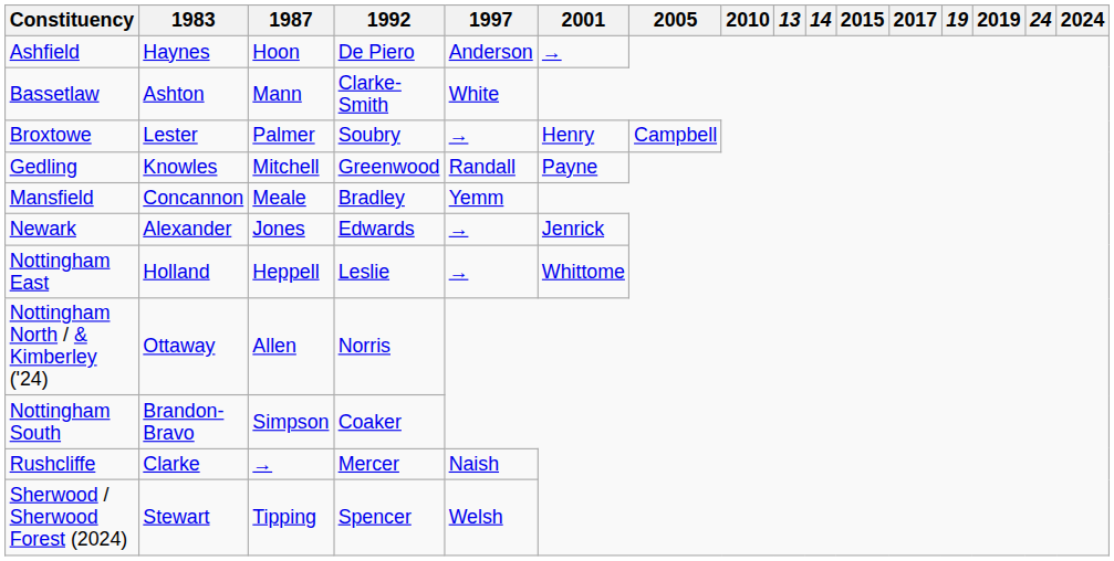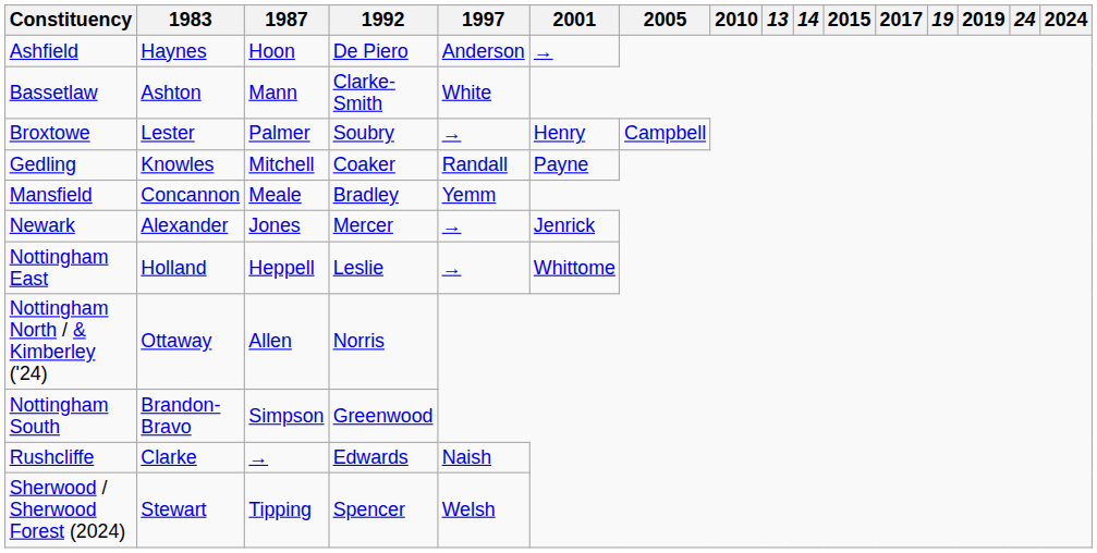 <table class="wikitable">
 <tr>
 <th>Constituency</th>
 <th>1983</th>
 <th>1987</th>
 <th>1992</th>
 <th>1997</th>
 <th>2001</th>
 <th>2005</th>
 <th>2010</th>
 <th><em>13</em></th>
 <th><em>14</em></th>
 <th>2015</th>
 <th>2017</th>
 <th><em>19</em></th>
 <th>2019</th>
 <th><em>24</em></th>
 <th>2024</th>
 </tr>
 <tr>
 <td><a href='#'>Ashfield</a></td>
 <td><a href='#'>Haynes</a></td>
 <td><a href='#'>Hoon</a></td>
 <td><a href='#'>De Piero</a></td>
 <td><a href='#'>Anderson</a></td>
 <td><a href='#'>→</a></td>
 </tr>
 <tr>
 <td><a href='#'>Bassetlaw</a></td>
 <td><a href='#'>Ashton</a></td>
 <td><a href='#'>Mann</a></td>
 <td><a href='#'>Clarke-Smith</a></td>
 <td><a href='#'>White</a></td>
 </tr>
 <tr>
 <td><a href='#'>Broxtowe</a></td>
 <td><a href='#'>Lester</a></td>
 <td><a href='#'>Palmer</a></td>
 <td><a href='#'>Soubry</a></td>
 <td><a href='#'>→</a></td>
 <td><a href='#'>Henry</a></td>
 <td><a href='#'>Campbell</a></td>
 </tr>
 <tr>
 <td><a href='#'>Gedling</a></td>
 <td><a href='#'>Knowles</a></td>
 <td><a href='#'>Mitchell</a></td>
-<td><a href='#'>Greenwood</a></td>
+<td><a href='#'>Coaker</a></td>
 <td><a href='#'>Randall</a></td>
 <td><a href='#'>Payne</a></td>
 </tr>
 <tr>
 <td><a href='#'>Mansfield</a></td>
 <td><a href='#'>Concannon</a></td>
 <td><a href='#'>Meale</a></td>
 <td><a href='#'>Bradley</a></td>
 <td><a href='#'>Yemm</a></td>
 </tr>
 <tr>
 <td><a href='#'>Newark</a></td>
 <td><a href='#'>Alexander</a></td>
 <td><a href='#'>Jones</a></td>
-<td><a href='#'>Edwards</a></td>
+<td><a href='#'>Mercer</a></td>
 <td><a href='#'>→</a></td>
 <td><a href='#'>Jenrick</a></td>
 </tr>
 <tr>
 <td><a href='#'>Nottingham East</a></td>
 <td><a href='#'>Holland</a></td>
 <td><a href='#'>Heppell</a></td>
 <td><a href='#'>Leslie</a></td>
 <td><a href='#'>→</a></td>
 <td><a href='#'>Whittome</a></td>
 </tr>
 <tr>
 <td><a href='#'>Nottingham North</a> / <a href='#'>& Kimberley</a> ('24)</td>
 <td><a href='#'>Ottaway</a></td>
 <td><a href='#'>Allen</a></td>
 <td><a href='#'>Norris</a></td>
 </tr>
 <tr>
 <td><a href='#'>Nottingham South</a></td>
 <td><a href='#'>Brandon-Bravo</a></td>
 <td><a href='#'>Simpson</a></td>
-<td><a href='#'>Coaker</a></td>
+<td><a href='#'>Greenwood</a></td>
 </tr>
 <tr>
 <td><a href='#'>Rushcliffe</a></td>
 <td><a href='#'>Clarke</a></td>
 <td><a href='#'>→</a></td>
-<td><a href='#'>Mercer</a></td>
+<td><a href='#'>Edwards</a></td>
 <td><a href='#'>Naish</a></td>
 </tr>
 <tr>
 <td><a href='#'>Sherwood</a> / <a href='#'>Sherwood Forest</a> (2024)</td>
 <td><a href='#'>Stewart</a></td>
 <td><a href='#'>Tipping</a></td>
 <td><a href='#'>Spencer</a></td>
 <td><a href='#'>Welsh</a></td>
 </tr>
 </table>
